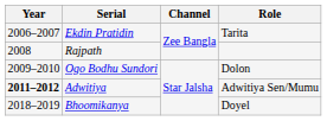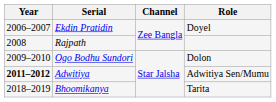 <table class="wikitable sortable" style="background:#F5F5F5;">
 <tr>
 <th>Year</th>
 <th>Serial</th>
 <th>Channel</th>
 <th>Role</th>
 </tr>
 <tr>
 <td>2006–2007</td>
 <td><em><a href='#'>Ekdin Pratidin</a></em></td>
 <td rowspan="2"><a href='#'>Zee Bangla</a></td>
-<td>Tarita</td>
+<td>Doyel</td>
 </tr>
 <tr>
 <td>2008</td>
 <td><em>Rajpath</em></td>
 <td></td>
 </tr>
 <tr>
 <td>2009–2010</td>
 <td><em><a href='#'>Ogo Bodhu Sundori</a></em></td>
 <td rowspan="3"><a href='#'>Star Jalsha</a></td>
 <td>Dolon</td>
 </tr>
 <tr>
 <td><strong>2011–2012</strong></td>
 <td><em><a href='#'>Adwitiya</a></em></td>
 <td>Adwitiya Sen/Mumu</td>
 </tr>
 <tr>
 <td>2018–2019</td>
 <td><em><a href='#'>Bhoomikanya</a></em></td>
-<td>Doyel</td>
+<td>Tarita</td>
 </tr>
 </table>
